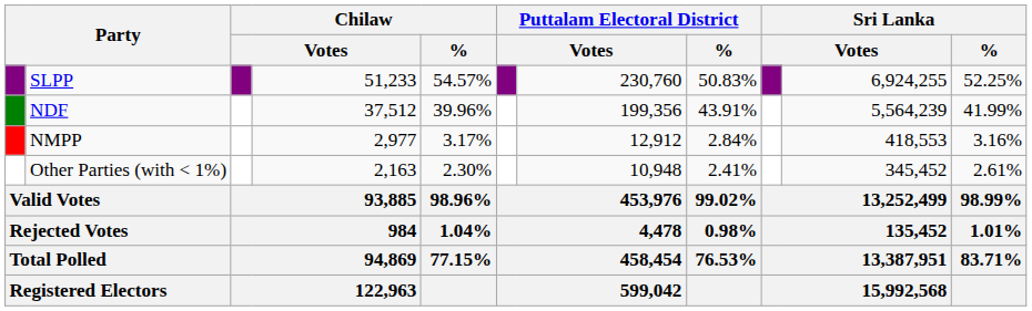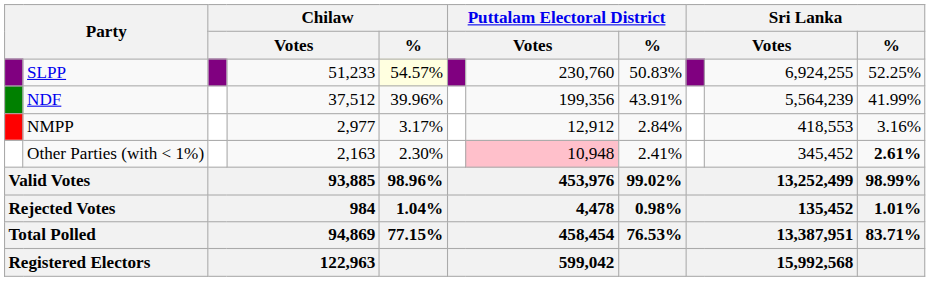 <table class="wikitable">
 <tr>
 <th colspan="2" width="144px"rowspan="2">Party</th>
 <th colspan="3" width="216px">Chilaw</th>
 <th colspan="3" width="216px"><a href='#'>Puttalam Electoral District</a></th>
 <th colspan="3" width="216px">Sri Lanka</th>
 </tr>
 <tr>
 <th colspan="2" width="144px">Votes</th>
 <th>%</th>
 <th colspan="2" width="144px">Votes</th>
 <th>%</th>
 <th colspan="2" width="144px">Votes</th>
 <th>%</th>
 </tr>
 <tr>
 <td style="background-color:purple;" width="10px"></td>
 <td style="text-align:left;"><a href='#'>SLPP</a></td>
 <td style="background-color:purple;" width="10px"></td>
 <td style="text-align:right;">51,233</td>
-<td style="text-align:right;">54.57%</td>
+<td style="background: lightyellow; text-align:right;">54.57%</td>
 <td style="background-color:purple;" width="10px"></td>
 <td style="text-align:right;">230,760</td>
 <td style="text-align:right;">50.83%</td>
 <td style="background-color:purple;" width="10px"></td>
 <td style="text-align:right;">6,924,255</td>
 <td style="text-align:right;">52.25%</td>
 </tr>
 <tr>
 <td style="background-color:green;" width="10px"></td>
 <td style="text-align:left;"><a href='#'>NDF</a></td>
 <td style="background-color:white;" width="10px"></td>
 <td style="text-align:right;">37,512</td>
 <td style="text-align:right;">39.96%</td>
 <td style="background-color:white;" width="10px"></td>
 <td style="text-align:right;">199,356</td>
 <td style="text-align:right;">43.91%</td>
 <td style="background-color:white;" width="10px"></td>
 <td style="text-align:right;">5,564,239</td>
 <td style="text-align:right;">41.99%</td>
 </tr>
 <tr>
 <td style="background-color:red;" width="10px"></td>
 <td style="text-align:left;">NMPP</td>
 <td style="background-color:white;" width="10px"></td>
 <td style="text-align:right;">2,977</td>
 <td style="text-align:right;">3.17%</td>
 <td style="background-color:white;" width="10px"></td>
 <td style="text-align:right;">12,912</td>
 <td style="text-align:right;">2.84%</td>
 <td style="background-color:white;" width="10px"></td>
 <td style="text-align:right;">418,553</td>
 <td style="text-align:right;">3.16%</td>
 </tr>
 <tr>
 <td style="background-color:white;" width="10px"></td>
 <td style="text-align:left;">Other Parties (with < 1%)</td>
 <td style="background-color:white;" width="10px"></td>
 <td style="text-align:right;">2,163</td>
 <td style="text-align:right;">2.30%</td>
 <td style="background-color:white;" width="10px"></td>
-<td style="text-align:right;">10,948</td>
+<td style="background: pink; text-align:right;">10,948</td>
 <td style="text-align:right;">2.41%</td>
 <td style="background-color:white;" width="10px"></td>
 <td style="text-align:right;">345,452</td>
-<td style="text-align:right;">2.61%</td>
+<td style="text-align:right;"><strong>2.61%</strong></td>
 </tr>
 <tr>
 <th colspan="2" width="144px"style="text-align:left;">Valid Votes</th>
 <th style="text-align:right;"colspan="2" width="144px">93,885</th>
 <th style="text-align:right;">98.96%</th>
 <th style="text-align:right;"colspan="2" width="144px">453,976</th>
 <th style="text-align:right;">99.02%</th>
 <th style="text-align:right;"colspan="2" width="144px">13,252,499</th>
 <th style="text-align:right;">98.99%</th>
 </tr>
 <tr>
 <th colspan="2" width="144px"style="text-align:left;">Rejected Votes</th>
 <th style="text-align:right;"colspan="2" width="144px">984</th>
 <th style="text-align:right;">1.04%</th>
 <th style="text-align:right;"colspan="2" width="144px">4,478</th>
 <th style="text-align:right;">0.98%</th>
 <th style="text-align:right;"colspan="2" width="144px">135,452</th>
 <th style="text-align:right;">1.01%</th>
 </tr>
 <tr>
 <th colspan="2" width="144px"style="text-align:left;">Total Polled</th>
 <th style="text-align:right;"colspan="2" width="144px">94,869</th>
 <th style="text-align:right;">77.15%</th>
 <th style="text-align:right;"colspan="2" width="144px">458,454</th>
 <th style="text-align:right;">76.53%</th>
 <th style="text-align:right;"colspan="2" width="144px">13,387,951</th>
 <th style="text-align:right;">83.71%</th>
 </tr>
 <tr>
 <th colspan="2" width="144px"style="text-align:left;">Registered Electors</th>
 <th style="text-align:right;"colspan="2" width="144px">122,963</th>
 <th></th>
 <th style="text-align:right;"colspan="2" width="144px">599,042</th>
 <th></th>
 <th style="text-align:right;"colspan="2" width="144px">15,992,568</th>
 <th></th>
 </tr>
 </table>
